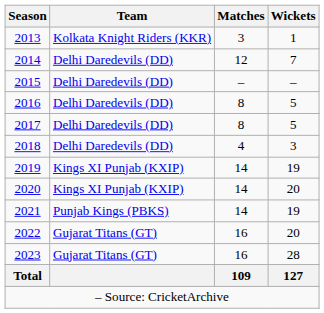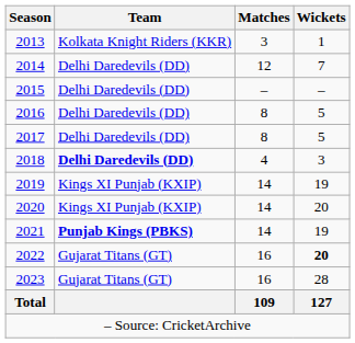 <table class="wikitable" style="font-size:90%; float:right; clear:right; text-align:center; margin-left:15px">
 <tr>
 <th>Season</th>
 <th>Team</th>
 <th>Matches</th>
 <th>Wickets</th>
 </tr>
 <tr>
 <td><a href='#'>2013</a></td>
 <td style="text-align:left;"><a href='#'>Kolkata Knight Riders (KKR)</a></td>
 <td>3</td>
 <td>1</td>
 </tr>
 <tr>
 <td><a href='#'>2014</a></td>
 <td style="text-align:left;"><a href='#'>Delhi Daredevils (DD)</a></td>
 <td>12</td>
 <td>7</td>
 </tr>
 <tr>
 <td><a href='#'>2015</a></td>
 <td style="text-align:left;"><a href='#'>Delhi Daredevils (DD)</a></td>
 <td>–</td>
 <td>–</td>
 </tr>
 <tr>
 <td><a href='#'>2016</a></td>
 <td style="text-align:left;"><a href='#'>Delhi Daredevils (DD)</a></td>
 <td>8</td>
 <td>5</td>
 </tr>
 <tr>
 <td><a href='#'>2017</a></td>
 <td style="text-align:left;"><a href='#'>Delhi Daredevils (DD)</a></td>
 <td>8</td>
 <td>5</td>
 </tr>
 <tr>
 <td><a href='#'>2018</a></td>
-<td style="text-align:left;"><a href='#'>Delhi Daredevils (DD)</a></td>
+<td style="text-align:left;"><strong><a href='#'>Delhi Daredevils (DD)</a></strong></td>
 <td>4</td>
 <td>3</td>
 </tr>
 <tr>
 <td><a href='#'>2019</a></td>
 <td style="text-align:left;"><a href='#'>Kings XI Punjab (KXIP)</a></td>
 <td>14</td>
 <td>19</td>
 </tr>
 <tr>
 <td><a href='#'>2020</a></td>
 <td style="text-align:left;"><a href='#'>Kings XI Punjab (KXIP)</a></td>
 <td>14</td>
 <td>20</td>
 </tr>
 <tr>
 <td><a href='#'>2021</a></td>
-<td style="text-align:left;"><a href='#'>Punjab Kings (PBKS)</a></td>
+<td style="text-align:left;"><strong><a href='#'>Punjab Kings (PBKS)</a></strong></td>
 <td>14</td>
 <td>19</td>
 </tr>
 <tr>
 <td><a href='#'>2022</a></td>
 <td style="text-align:left;"><a href='#'>Gujarat Titans (GT)</a></td>
 <td>16</td>
-<td>20</td>
+<td><strong>20</strong></td>
 </tr>
 <tr>
 <td><a href='#'>2023</a></td>
 <td style="text-align:left;"><a href='#'>Gujarat Titans (GT)</a></td>
 <td>16</td>
 <td>28</td>
 </tr>
 <tr>
 <th>Total</th>
 <th></th>
 <th>109</th>
 <th>127</th>
 </tr>
 <tr>
 <td colspan="4";> – Source: CricketArchive</td>
 </tr>
 </table>
